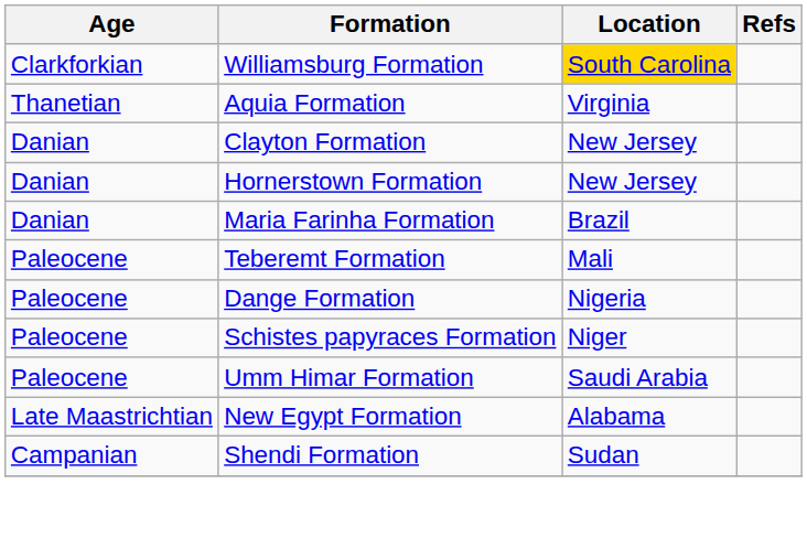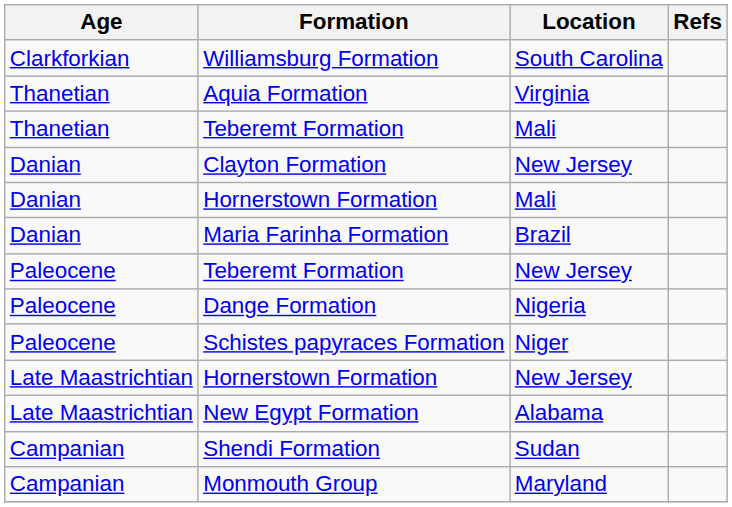 <table class="wikitable sortable">
 <tr>
 <th>Age</th>
 <th>Formation</th>
 <th>Location</th>
 <th>Refs</th>
 </tr>
 <tr>
 <td style="background-color: "><a href='#'>Clarkforkian</a></td>
 <td><a href='#'>Williamsburg Formation</a></td>
-<td style="background: gold;"><a href='#'>South Carolina</a></td>
+<td><a href='#'>South Carolina</a></td>
 <td align=center></td>
 </tr>
 <tr>
 <td style="background-color: "><a href='#'>Thanetian</a></td>
 <td><a href='#'>Aquia Formation</a></td>
 <td><a href='#'>Virginia</a></td>
+<td align=center></td>
+</tr>
+<tr>
+<td style="background-color: "><a href='#'>Thanetian</a></td>
+<td><a href='#'>Teberemt Formation</a></td>
+<td><a href='#'>Mali</a></td>
 <td align=center></td>
 </tr>
 <tr>
 <td style="background-color: "><a href='#'>Danian</a></td>
 <td><a href='#'>Clayton Formation</a></td>
 <td><a href='#'>New Jersey</a></td>
 <td align=center></td>
 </tr>
 <tr>
 <td style="background-color: "><a href='#'>Danian</a></td>
 <td><a href='#'>Hornerstown Formation</a></td>
-<td><a href='#'>New Jersey</a></td>
+<td><a href='#'>Mali</a></td>
 <td align=center></td>
 </tr>
 <tr>
 <td style="background-color: "><a href='#'>Danian</a></td>
 <td><a href='#'>Maria Farinha Formation</a></td>
 <td><a href='#'>Brazil</a></td>
 <td align=center></td>
 </tr>
 <tr>
 <td style="background-color: "><a href='#'>Paleocene</a></td>
 <td><a href='#'>Teberemt Formation</a></td>
-<td><a href='#'>Mali</a></td>
+<td><a href='#'>New Jersey</a></td>
 <td align=center></td>
 </tr>
 <tr>
 <td style="background-color: "><a href='#'>Paleocene</a></td>
 <td><a href='#'>Dange Formation</a></td>
 <td><a href='#'>Nigeria</a></td>
 <td align=center></td>
 </tr>
 <tr>
 <td style="background-color: "><a href='#'>Paleocene</a></td>
 <td><a href='#'>Schistes papyraces Formation</a></td>
 <td><a href='#'>Niger</a></td>
 <td align=center></td>
 </tr>
 <tr>
-<td style="background-color: "><a href='#'>Paleocene</a></td>
-<td><a href='#'>Umm Himar Formation</a></td>
-<td><a href='#'>Saudi Arabia</a></td>
+<td style="background-color: "><a href='#'>Late Maastrichtian</a></td>
+<td><a href='#'>Hornerstown Formation</a></td>
+<td><a href='#'>New Jersey</a></td>
 <td align=center></td>
 </tr>
 <tr>
 <td style="background-color: "><a href='#'>Late Maastrichtian</a></td>
 <td><a href='#'>New Egypt Formation</a></td>
 <td><a href='#'>Alabama</a></td>
 <td align=center></td>
 </tr>
 <tr>
 <td style="background-color: "><a href='#'>Campanian</a></td>
 <td><a href='#'>Shendi Formation</a></td>
 <td><a href='#'>Sudan</a></td>
 <td align=center></td>
 </tr>
 <tr>
+<td style="background-color: "><a href='#'>Campanian</a></td>
+<td><a href='#'>Monmouth Group</a></td>
+<td><a href='#'>Maryland</a></td>
+<td align=center></td>
+</tr>
+<tr>
 </tr>
 </table>
